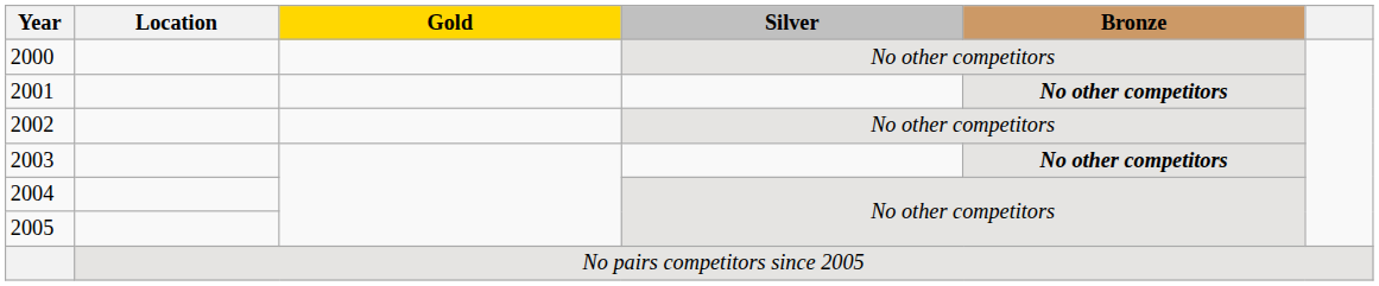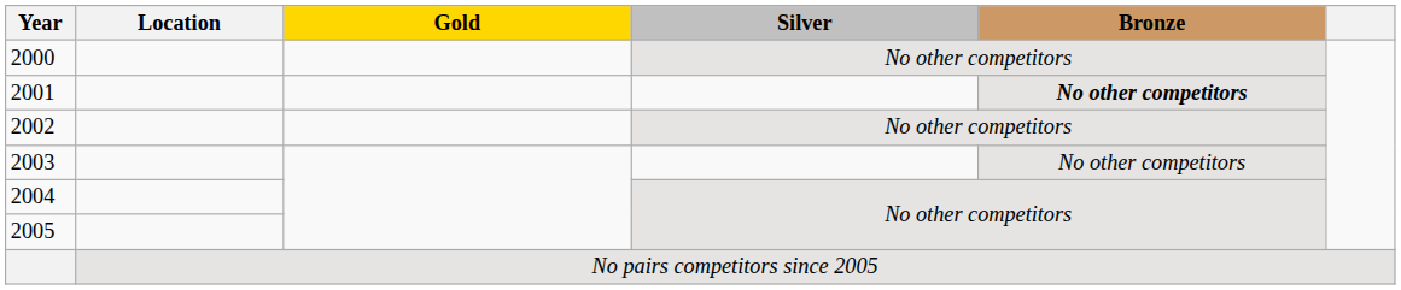 <table class="wikitable unsortable" style="text-align:left; width:80%">
 <tr>
 <th scope="col" style="text-align:center; width:5%">Year</th>
 <th scope="col" style="text-align:center; width:15%">Location</th>
 <td scope="col" style="text-align:center; width:25%; background:gold"><strong>Gold</strong></td>
 <td scope="col" style="text-align:center; width:25%; background:silver"><strong>Silver</strong></td>
 <td scope="col" style="text-align:center; width:25%; background:#c96"><strong>Bronze</strong></td>
 <th scope="col" style="text-align:center; width:5%"></th>
 </tr>
 <tr>
 <td>2000</td>
 <td></td>
 <td></td>
 <td colspan="2" align="center" bgcolor="e5e4e2"><em>No other competitors</em></td>
 <td rowspan="6"></td>
 </tr>
 <tr>
 <td>2001</td>
 <td></td>
 <td></td>
 <td></td>
 <td align="center" bgcolor="e5e4e2"><strong><em>No other competitors</em></strong></td>
 </tr>
 <tr>
 <td>2002</td>
 <td></td>
 <td></td>
 <td colspan="2" align="center" bgcolor="e5e4e2"><em>No other competitors</em></td>
 </tr>
 <tr>
 <td>2003</td>
 <td></td>
 <td rowspan="3"></td>
 <td></td>
-<td align="center" bgcolor="e5e4e2"><strong><em>No other competitors</em></strong></td>
+<td align="center" bgcolor="e5e4e2"><em>No other competitors</em></td>
 </tr>
 <tr>
 <td>2004</td>
 <td></td>
 <td colspan="2" rowspan="2" align="center" bgcolor="e5e4e2"><em>No other competitors</em></td>
 </tr>
 <tr>
 <td>2005</td>
 <td></td>
 </tr>
 <tr>
 <th scope="row" style="text-align:left"></th>
 <td colspan="5" align="center" bgcolor="e5e4e2"><em>No pairs competitors since 2005</em></td>
 </tr>
 </table>
